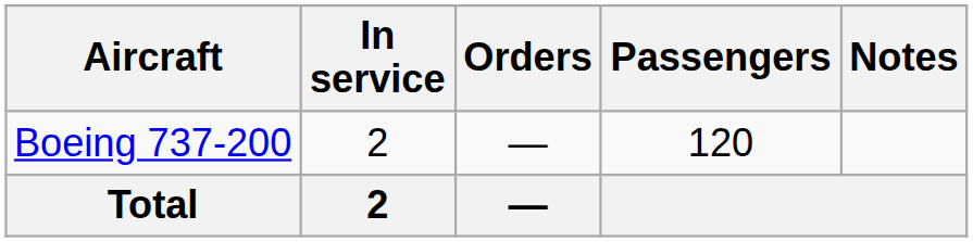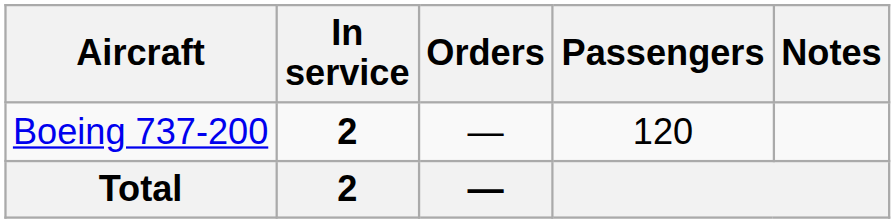 <table class="wikitable" style="margin:0.5em auto; text-align:center">
 <tr>
 <th>Aircraft</th>
 <th>In <br> service</th>
 <th>Orders</th>
 <th>Passengers</th>
 <th>Notes</th>
 </tr>
 <tr>
 <td><a href='#'>Boeing 737-200</a></td>
-<td>2</td>
+<td><strong>2</strong></td>
 <td>—</td>
 <td>120</td>
 <td></td>
 </tr>
 <tr>
 <th>Total</th>
 <th>2</th>
 <th>—</th>
 <th colspan=2></th>
 </tr>
 </table>
